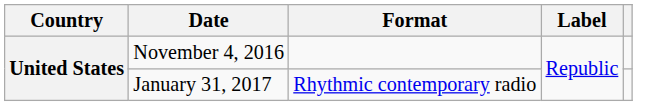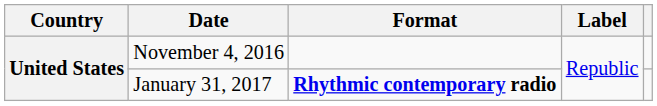 <table class="wikitable plainrowheaders">
 <tr>
 <th scope="col">Country</th>
 <th scope="col">Date</th>
 <th scope="col">Format</th>
 <th scope="col">Label</th>
 <th scope="col"></th>
 </tr>
 <tr>
 <th scope="row" rowspan="2">United States</th>
 <td>November 4, 2016</td>
 <td></td>
 <td rowspan="2"><a href='#'>Republic</a></td>
 <td></td>
 </tr>
 <tr>
 <td>January 31, 2017</td>
-<td><a href='#'>Rhythmic contemporary</a> radio</td>
+<td><strong><a href='#'>Rhythmic contemporary</a> radio</strong></td>
 <td></td>
 </tr>
 </table>
